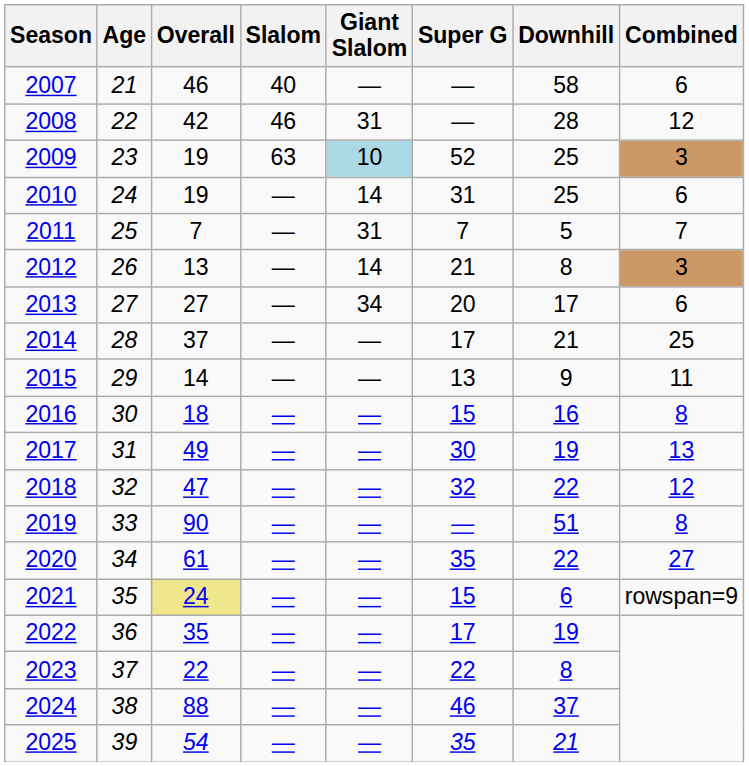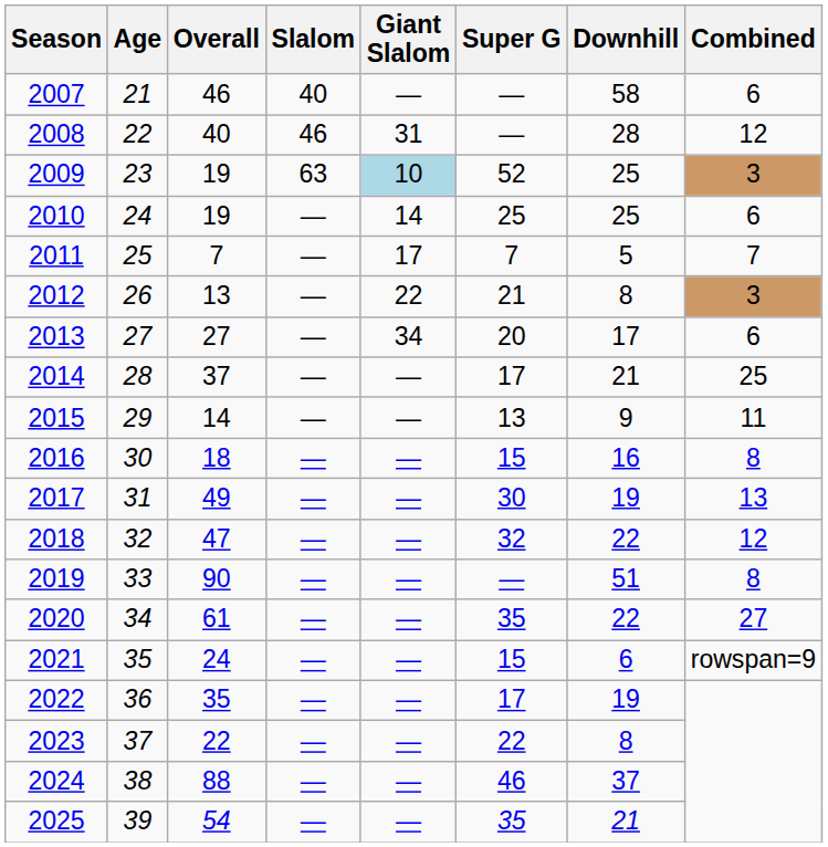 <table class=wikitable style="text-align:center">
 <tr>
 <th>Season</th>
 <th>Age</th>
 <th>Overall</th>
 <th>Slalom</th>
 <th>Giant<br>Slalom</th>
 <th>Super G</th>
 <th>Downhill</th>
 <th>Combined</th>
 </tr>
 <tr>
 <td><a href='#'>2007</a></td>
 <td><em>21</em></td>
 <td>46</td>
 <td>40</td>
 <td>—</td>
 <td>—</td>
 <td>58</td>
 <td>6</td>
 </tr>
 <tr>
 <td><a href='#'>2008</a></td>
 <td><em>22</em></td>
-<td>42</td>
+<td>40</td>
 <td>46</td>
 <td>31</td>
 <td>—</td>
 <td>28</td>
 <td>12</td>
 </tr>
 <tr>
 <td><a href='#'>2009</a></td>
 <td><em>23</em></td>
 <td>19</td>
 <td>63</td>
 <td style="background: lightblue;">10</td>
 <td>52</td>
 <td>25</td>
 <td bgcolor="cc9966">3</td>
 </tr>
 <tr>
 <td><a href='#'>2010</a></td>
 <td><em>24</em></td>
 <td>19</td>
 <td>—</td>
 <td>14</td>
-<td>31</td>
+<td>25</td>
 <td>25</td>
 <td>6</td>
 </tr>
 <tr>
 <td><a href='#'>2011</a></td>
 <td><em>25</em></td>
 <td>7</td>
 <td>—</td>
-<td>31</td>
+<td>17</td>
 <td>7</td>
 <td>5</td>
 <td>7</td>
 </tr>
 <tr>
 <td><a href='#'>2012</a></td>
 <td><em>26</em></td>
 <td>13</td>
 <td>—</td>
-<td>14</td>
+<td>22</td>
 <td>21</td>
 <td>8</td>
 <td bgcolor="cc9966">3</td>
 </tr>
 <tr>
 <td><a href='#'>2013</a></td>
 <td><em>27</em></td>
 <td>27</td>
 <td>—</td>
 <td>34</td>
 <td>20</td>
 <td>17</td>
 <td>6</td>
 </tr>
 <tr>
 <td><a href='#'>2014</a></td>
 <td><em>28</em></td>
 <td>37</td>
 <td>—</td>
 <td>—</td>
 <td>17</td>
 <td>21</td>
 <td>25</td>
 </tr>
 <tr>
 <td><a href='#'>2015</a></td>
 <td><em>29</em></td>
 <td>14</td>
 <td>—</td>
 <td>—</td>
 <td>13</td>
 <td>9</td>
 <td>11</td>
 </tr>
 <tr>
 <td><a href='#'>2016</a></td>
 <td><em>30</em></td>
 <td><a href='#'>18</a></td>
 <td><a href='#'>—</a></td>
 <td><a href='#'>—</a></td>
 <td><a href='#'>15</a></td>
 <td><a href='#'>16</a></td>
 <td><a href='#'>8</a></td>
 </tr>
 <tr>
 <td><a href='#'>2017</a></td>
 <td><em>31</em></td>
 <td><a href='#'>49</a></td>
 <td><a href='#'>—</a></td>
 <td><a href='#'>—</a></td>
 <td><a href='#'>30</a></td>
 <td><a href='#'>19</a></td>
 <td><a href='#'>13</a></td>
 </tr>
 <tr>
 <td><a href='#'>2018</a></td>
 <td><em>32</em></td>
 <td><a href='#'>47</a></td>
 <td><a href='#'>—</a></td>
 <td><a href='#'>—</a></td>
 <td><a href='#'>32</a></td>
 <td><a href='#'>22</a></td>
 <td><a href='#'>12</a></td>
 </tr>
 <tr>
 <td><a href='#'>2019</a></td>
 <td><em>33</em></td>
 <td><a href='#'>90</a></td>
 <td><a href='#'>—</a></td>
 <td><a href='#'>—</a></td>
 <td><a href='#'>—</a></td>
 <td><a href='#'>51</a></td>
 <td><a href='#'>8</a></td>
 </tr>
 <tr>
 <td><a href='#'>2020</a></td>
 <td><em>34</em></td>
 <td><a href='#'>61</a></td>
 <td><a href='#'>—</a></td>
 <td><a href='#'>—</a></td>
 <td><a href='#'>35</a></td>
 <td><a href='#'>22</a></td>
 <td><a href='#'>27</a></td>
 </tr>
 <tr>
 <td><a href='#'>2021</a></td>
 <td><em>35</em></td>
-<td style="background: khaki;"><a href='#'>24</a></td>
+<td><a href='#'>24</a></td>
 <td><a href='#'>—</a></td>
 <td><a href='#'>—</a></td>
 <td><a href='#'>15</a></td>
 <td><a href='#'>6</a></td>
 <td>rowspan=9 </td>
 </tr>
 <tr>
 <td><a href='#'>2022</a></td>
 <td><em>36</em></td>
 <td><a href='#'>35</a></td>
 <td><a href='#'>—</a></td>
 <td><a href='#'>—</a></td>
 <td><a href='#'>17</a></td>
 <td><a href='#'>19</a></td>
 </tr>
 <tr>
 <td><a href='#'>2023</a></td>
 <td><em>37</em></td>
 <td><a href='#'>22</a></td>
 <td><a href='#'>—</a></td>
 <td><a href='#'>—</a></td>
 <td><a href='#'>22</a></td>
 <td><a href='#'>8</a></td>
 </tr>
 <tr>
 <td><a href='#'>2024</a></td>
 <td><em>38</em></td>
 <td><a href='#'>88</a></td>
 <td><a href='#'>—</a></td>
 <td><a href='#'>—</a></td>
 <td><a href='#'>46</a></td>
 <td><a href='#'>37</a></td>
 </tr>
 <tr>
 <td><a href='#'>2025</a></td>
 <td><em>39</em></td>
 <td><a href='#'><em>54</em></a></td>
 <td><a href='#'>—</a></td>
 <td><a href='#'>—</a></td>
 <td><a href='#'><em>35</em></a></td>
 <td><a href='#'><em>21</em></a></td>
 </tr>
 </table>
